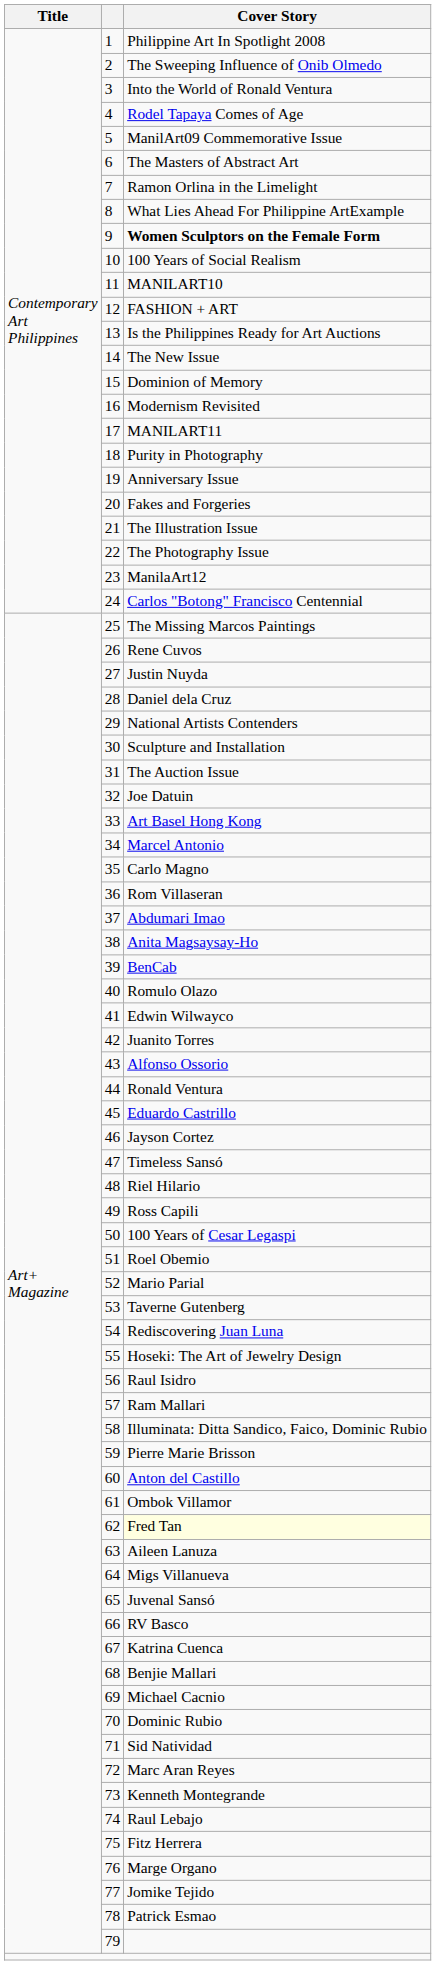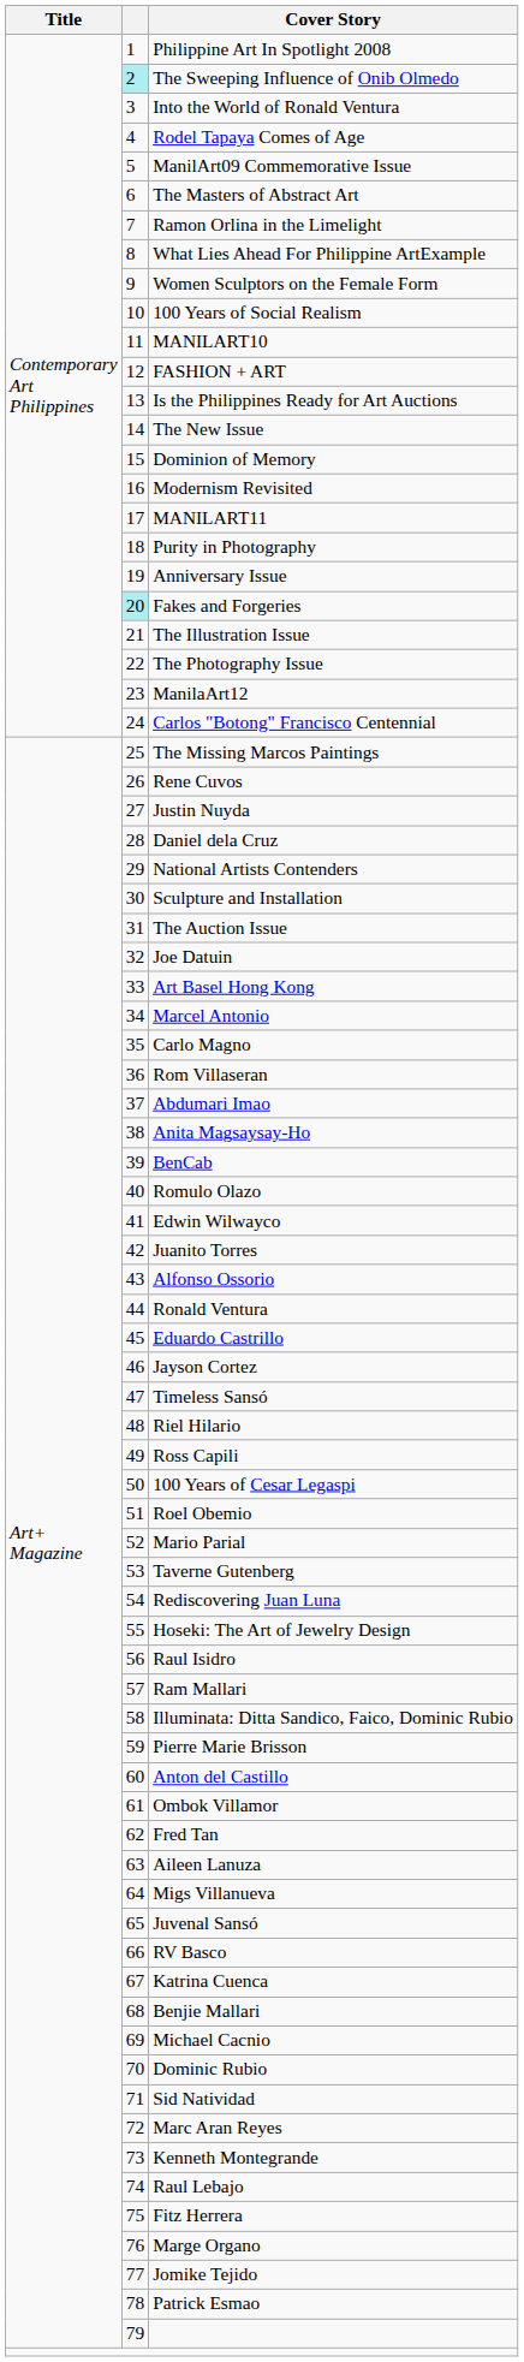 <table class="wikitable sortable mw-collapsible">
 <tr>
 <th class="unsortable">Title</th>
 <th></th>
 <th>Cover Story</th>
 </tr>
 <tr>
 <td rowspan=24><em>Contemporary<br>Art<br>Philippines</em></td>
 <td>1</td>
 <td>Philippine Art In Spotlight 2008</td>
 </tr>
 <tr>
-<td>2</td>
+<td style="background: paleturquoise;">2</td>
 <td>The Sweeping Influence of <a href='#'>Onib Olmedo</a></td>
 </tr>
 <tr>
 <td>3</td>
 <td>Into the World of Ronald Ventura</td>
 </tr>
 <tr>
 <td>4</td>
 <td><a href='#'>Rodel Tapaya</a> Comes of Age</td>
 </tr>
 <tr>
 <td>5</td>
 <td>ManilArt09 Commemorative Issue</td>
 </tr>
 <tr>
 <td>6</td>
 <td>The Masters of Abstract Art</td>
 </tr>
 <tr>
 <td>7</td>
 <td>Ramon Orlina in the Limelight</td>
 </tr>
 <tr>
 <td>8</td>
 <td>What Lies Ahead For Philippine ArtExample</td>
 </tr>
 <tr>
 <td>9</td>
-<td><strong>Women Sculptors on the Female Form</strong></td>
+<td>Women Sculptors on the Female Form</td>
 </tr>
 <tr>
 <td>10</td>
 <td>100 Years of Social Realism</td>
 </tr>
 <tr>
 <td>11</td>
 <td>MANILART10</td>
 </tr>
 <tr>
 <td>12</td>
 <td>FASHION + ART</td>
 </tr>
 <tr>
 <td>13</td>
 <td>Is the Philippines Ready for Art Auctions</td>
 </tr>
 <tr>
 <td>14</td>
 <td>The New Issue</td>
 </tr>
 <tr>
 <td>15</td>
 <td>Dominion of Memory</td>
 </tr>
 <tr>
 <td>16</td>
 <td>Modernism Revisited</td>
 </tr>
 <tr>
 <td>17</td>
 <td>MANILART11</td>
 </tr>
 <tr>
 <td>18</td>
 <td>Purity in Photography</td>
 </tr>
 <tr>
 <td>19</td>
 <td>Anniversary Issue</td>
 </tr>
 <tr>
-<td>20</td>
+<td style="background: paleturquoise;">20</td>
 <td>Fakes and Forgeries</td>
 </tr>
 <tr>
 <td>21</td>
 <td>The Illustration Issue</td>
 </tr>
 <tr>
 <td>22</td>
 <td>The Photography Issue</td>
 </tr>
 <tr>
 <td>23</td>
 <td>ManilaArt12</td>
 </tr>
 <tr>
 <td>24</td>
 <td><a href='#'>Carlos "Botong" Francisco</a> Centennial</td>
 </tr>
 <tr>
 <td rowspan="55"><em>Art+<br>Magazine</em></td>
 <td>25</td>
 <td>The Missing Marcos Paintings</td>
 </tr>
 <tr>
 <td>26</td>
 <td>Rene Cuvos</td>
 </tr>
 <tr>
 <td>27</td>
 <td>Justin Nuyda</td>
 </tr>
 <tr>
 <td>28</td>
 <td>Daniel dela Cruz</td>
 </tr>
 <tr>
 <td>29</td>
 <td>National Artists Contenders</td>
 </tr>
 <tr>
 <td>30</td>
 <td>Sculpture and Installation</td>
 </tr>
 <tr>
 <td>31</td>
 <td>The Auction Issue</td>
 </tr>
 <tr>
 <td>32</td>
 <td>Joe Datuin</td>
 </tr>
 <tr>
 <td>33</td>
 <td><a href='#'>Art Basel Hong Kong</a></td>
 </tr>
 <tr>
 <td>34</td>
 <td><a href='#'>Marcel Antonio</a></td>
 </tr>
 <tr>
 <td>35</td>
 <td>Carlo Magno</td>
 </tr>
 <tr>
 <td>36</td>
 <td>Rom Villaseran</td>
 </tr>
 <tr>
 <td>37</td>
 <td><a href='#'>Abdumari Imao</a></td>
 </tr>
 <tr>
 <td>38</td>
 <td><a href='#'>Anita Magsaysay-Ho</a></td>
 </tr>
 <tr>
 <td>39</td>
 <td><a href='#'>BenCab</a></td>
 </tr>
 <tr>
 <td>40</td>
 <td>Romulo Olazo</td>
 </tr>
 <tr>
 <td>41</td>
 <td>Edwin Wilwayco</td>
 </tr>
 <tr>
 <td>42</td>
 <td>Juanito Torres</td>
 </tr>
 <tr>
 <td>43</td>
 <td><a href='#'>Alfonso Ossorio</a></td>
 </tr>
 <tr>
 <td>44</td>
 <td>Ronald Ventura</td>
 </tr>
 <tr>
 <td>45</td>
 <td><a href='#'>Eduardo Castrillo</a></td>
 </tr>
 <tr>
 <td>46</td>
 <td>Jayson Cortez</td>
 </tr>
 <tr>
 <td>47</td>
 <td>Timeless Sansó</td>
 </tr>
 <tr>
 <td>48</td>
 <td>Riel Hilario</td>
 </tr>
 <tr>
 <td>49</td>
 <td>Ross Capili</td>
 </tr>
 <tr>
 <td>50</td>
 <td>100 Years of <a href='#'>Cesar Legaspi</a></td>
 </tr>
 <tr>
 <td>51</td>
 <td>Roel Obemio</td>
 </tr>
 <tr>
 <td>52</td>
 <td>Mario Parial</td>
 </tr>
 <tr>
 <td>53</td>
 <td>Taverne Gutenberg</td>
 </tr>
 <tr>
 <td>54</td>
 <td>Rediscovering <a href='#'>Juan Luna</a></td>
 </tr>
 <tr>
 <td>55</td>
 <td>Hoseki: The Art of Jewelry Design</td>
 </tr>
 <tr>
 <td>56</td>
 <td>Raul Isidro</td>
 </tr>
 <tr>
 <td>57</td>
 <td>Ram Mallari</td>
 </tr>
 <tr>
 <td>58</td>
 <td>Illuminata: Ditta Sandico, Faico, Dominic Rubio</td>
 </tr>
 <tr>
 <td>59</td>
 <td>Pierre Marie Brisson</td>
 </tr>
 <tr>
 <td>60</td>
 <td><a href='#'>Anton del Castillo</a></td>
 </tr>
 <tr>
 <td>61</td>
 <td>Ombok Villamor</td>
 </tr>
 <tr>
 <td>62</td>
-<td style="background: lightyellow;">Fred Tan</td>
+<td>Fred Tan</td>
 </tr>
 <tr>
 <td>63</td>
 <td>Aileen Lanuza</td>
 </tr>
 <tr>
 <td>64</td>
 <td>Migs Villanueva</td>
 </tr>
 <tr>
 <td>65</td>
 <td>Juvenal Sansó</td>
 </tr>
 <tr>
 <td>66</td>
 <td>RV Basco</td>
 </tr>
 <tr>
 <td>67</td>
 <td>Katrina Cuenca</td>
 </tr>
 <tr>
 <td>68</td>
 <td>Benjie Mallari</td>
 </tr>
 <tr>
 <td>69</td>
 <td>Michael Cacnio</td>
 </tr>
 <tr>
 <td>70</td>
 <td>Dominic Rubio</td>
 </tr>
 <tr>
 <td>71</td>
 <td>Sid Natividad</td>
 </tr>
 <tr>
 <td>72</td>
 <td>Marc Aran Reyes</td>
 </tr>
 <tr>
 <td>73</td>
 <td>Kenneth Montegrande</td>
 </tr>
 <tr>
 <td>74</td>
 <td>Raul Lebajo</td>
 </tr>
 <tr>
 <td>75</td>
 <td>Fitz Herrera</td>
 </tr>
 <tr>
 <td>76</td>
 <td>Marge Organo</td>
 </tr>
 <tr>
 <td>77</td>
 <td>Jomike Tejido</td>
 </tr>
 <tr>
 <td>78</td>
 <td>Patrick Esmao</td>
 </tr>
 <tr>
 <td>79</td>
 <td></td>
 </tr>
 <tr>
 <td colspan="3"></td>
 </tr>
 </table>
